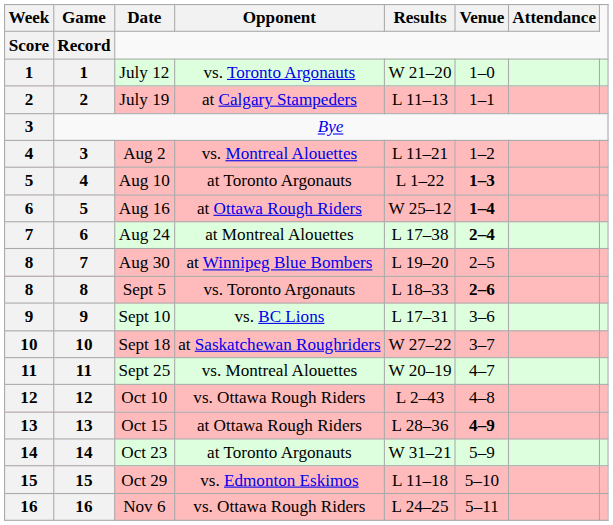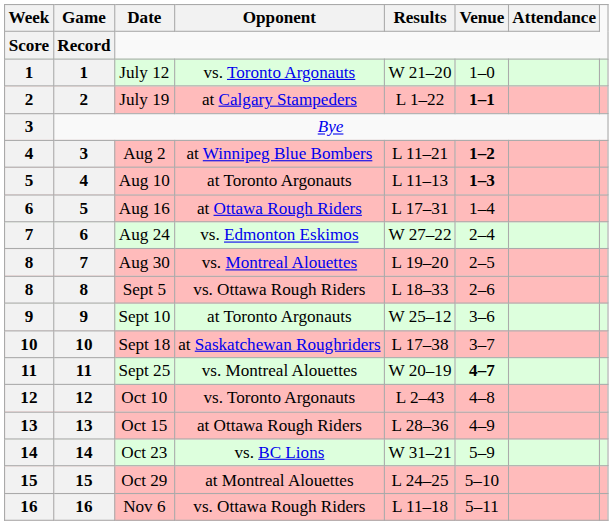 <table class="wikitable" style="text-align:center">
 <tr>
 <th>Week</th>
 <th>Game</th>
 <th>Date</th>
 <th>Opponent</th>
 <th>Results</th>
 <th>Venue</th>
 <th>Attendance</th>
 </tr>
 <tr>
 <th>Score</th>
 <th>Record</th>
 </tr>
 <tr style="background:#ddffdd">
 <th>1</th>
 <th>1</th>
 <td>July 12</td>
 <td>vs. <a href='#'>Toronto Argonauts</a></td>
 <td>W 21–20</td>
 <td>1–0</td>
 <td></td>
 <td></td>
 </tr>
 <tr style="background:#ffbbbb">
 <th>2</th>
 <th>2</th>
 <td>July 19</td>
 <td>at <a href='#'>Calgary Stampeders</a></td>
-<td>L 11–13</td>
-<td>1–1</td>
+<td>L 1–22</td>
+<td><strong>1–1</strong></td>
 <td></td>
 <td></td>
 </tr>
 <tr>
 <th>3</th>
 <td colspan="7"><em><a href='#'>Bye</a></em></td>
 </tr>
 <tr style="background:#ffbbbb">
 <th>4</th>
 <th>3</th>
 <td>Aug 2</td>
-<td>vs. <a href='#'>Montreal Alouettes</a></td>
+<td>at <a href='#'>Winnipeg Blue Bombers</a></td>
 <td>L 11–21</td>
-<td>1–2</td>
+<td><strong>1–2</strong></td>
 <td></td>
 <td></td>
 </tr>
 <tr style="background:#ffbbbb">
 <th>5</th>
 <th>4</th>
 <td>Aug 10</td>
 <td>at Toronto Argonauts</td>
-<td>L 1–22</td>
+<td>L 11–13</td>
 <td><strong>1–3</strong></td>
 <td></td>
 <td></td>
 </tr>
 <tr style="background:#ffbbbb">
 <th>6</th>
 <th>5</th>
 <td>Aug 16</td>
 <td>at <a href='#'>Ottawa Rough Riders</a></td>
-<td>W 25–12</td>
-<td><strong>1–4</strong></td>
+<td>L 17–31</td>
+<td>1–4</td>
 <td></td>
 <td></td>
 </tr>
 <tr style="background:#ddffdd">
 <th>7</th>
 <th>6</th>
 <td>Aug 24</td>
-<td>at Montreal Alouettes</td>
-<td>L 17–38</td>
-<td><strong>2–4</strong></td>
+<td>vs. <a href='#'>Edmonton Eskimos</a></td>
+<td>W 27–22</td>
+<td>2–4</td>
 <td></td>
 <td></td>
 </tr>
 <tr style="background:#ffbbbb">
 <th>8</th>
 <th>7</th>
 <td>Aug 30</td>
-<td>at <a href='#'>Winnipeg Blue Bombers</a></td>
+<td>vs. <a href='#'>Montreal Alouettes</a></td>
 <td>L 19–20</td>
 <td>2–5</td>
 <td></td>
 <td></td>
 </tr>
 <tr style="background:#ffbbbb">
 <th>8</th>
 <th>8</th>
 <td>Sept 5</td>
-<td>vs. Toronto Argonauts</td>
+<td>vs. Ottawa Rough Riders</td>
 <td>L 18–33</td>
-<td><strong>2–6</strong></td>
+<td>2–6</td>
 <td></td>
 <td></td>
 </tr>
 <tr style="background:#ddffdd">
 <th>9</th>
 <th>9</th>
 <td>Sept 10</td>
-<td>vs. <a href='#'>BC Lions</a></td>
-<td>L 17–31</td>
+<td>at Toronto Argonauts</td>
+<td>W 25–12</td>
 <td>3–6</td>
 <td></td>
 <td></td>
 </tr>
 <tr style="background:#ffbbbb">
 <th>10</th>
 <th>10</th>
 <td>Sept 18</td>
 <td>at <a href='#'>Saskatchewan Roughriders</a></td>
-<td>W 27–22</td>
+<td>L 17–38</td>
 <td>3–7</td>
 <td></td>
 <td></td>
 </tr>
 <tr style="background:#ddffdd">
 <th>11</th>
 <th>11</th>
 <td>Sept 25</td>
 <td>vs. Montreal Alouettes</td>
 <td>W 20–19</td>
-<td>4–7</td>
+<td><strong>4–7</strong></td>
 <td></td>
 <td></td>
 </tr>
 <tr style="background:#ffbbbb">
 <th>12</th>
 <th>12</th>
 <td>Oct 10</td>
-<td>vs. Ottawa Rough Riders</td>
+<td>vs. Toronto Argonauts</td>
 <td>L 2–43</td>
 <td>4–8</td>
 <td></td>
 <td></td>
 </tr>
 <tr style="background:#ffbbbb">
 <th>13</th>
 <th>13</th>
 <td>Oct 15</td>
 <td>at Ottawa Rough Riders</td>
 <td>L 28–36</td>
-<td><strong>4–9</strong></td>
+<td>4–9</td>
 <td></td>
 <td></td>
 </tr>
 <tr style="background:#ddffdd">
 <th>14</th>
 <th>14</th>
 <td>Oct 23</td>
-<td>at Toronto Argonauts</td>
+<td>vs. <a href='#'>BC Lions</a></td>
 <td>W 31–21</td>
 <td>5–9</td>
 <td></td>
 <td></td>
 </tr>
 <tr style="background:#ffbbbb">
 <th>15</th>
 <th>15</th>
 <td>Oct 29</td>
-<td>vs. <a href='#'>Edmonton Eskimos</a></td>
-<td>L 11–18</td>
+<td>at Montreal Alouettes</td>
+<td>L 24–25</td>
 <td>5–10</td>
 <td></td>
 <td></td>
 </tr>
 <tr style="background:#ffbbbb">
 <th>16</th>
 <th>16</th>
 <td>Nov 6</td>
 <td>vs. Ottawa Rough Riders</td>
-<td>L 24–25</td>
+<td>L 11–18</td>
 <td>5–11</td>
 <td></td>
 <td></td>
 </tr>
 </table>
